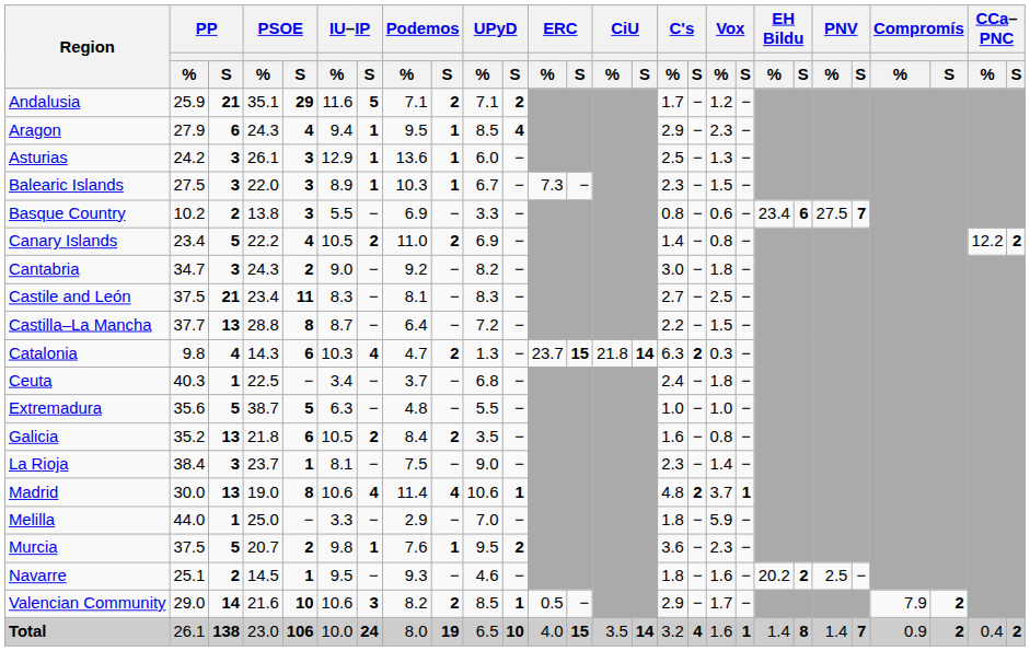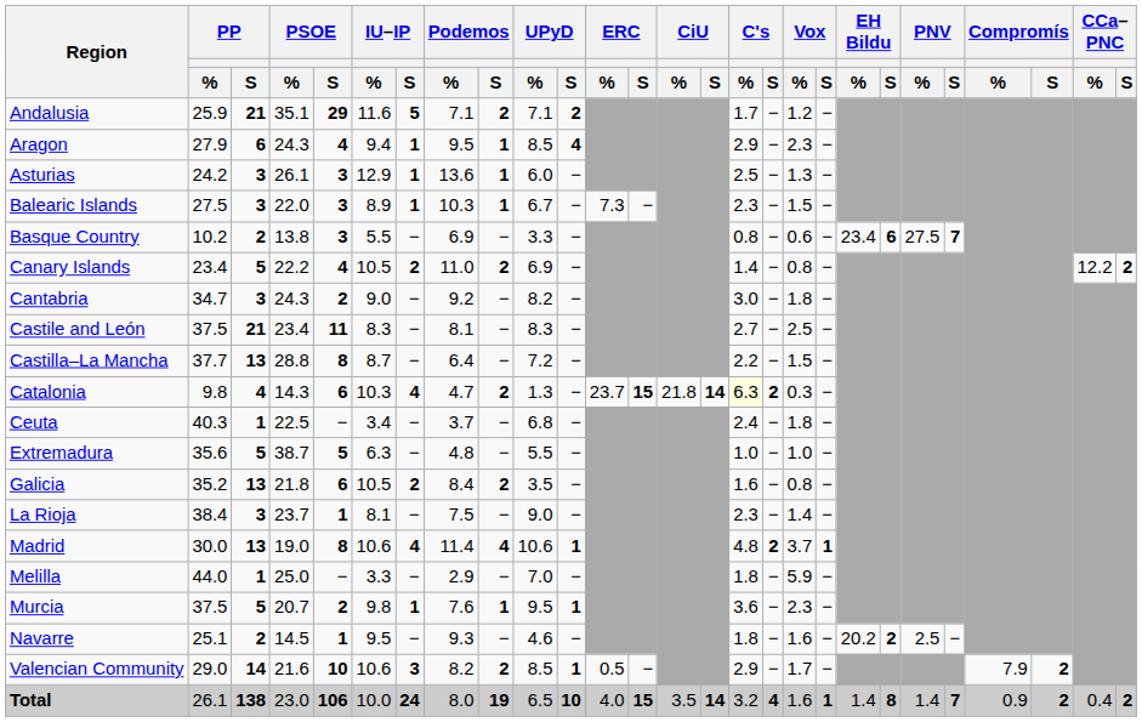 <table class="wikitable sortable" style="text-align:right; line-height:20px">
 <tr>
 <th rowspan="3">Region</th>
 <th colspan="2" width="30px" class="unsortable"><a href='#'>PP</a></th>
 <th colspan="2" width="30px" class="unsortable"><a href='#'>PSOE</a></th>
 <th colspan="2" width="30px" class="unsortable"><a href='#'>IU</a>–<a href='#'>IP</a></th>
 <th colspan="2" width="30px" class="unsortable"><a href='#'>Podemos</a></th>
 <th colspan="2" width="30px" class="unsortable"><a href='#'>UPyD</a></th>
 <th colspan="2" width="30px" class="unsortable"><a href='#'>ERC</a></th>
 <th colspan="2" width="30px" class="unsortable"><a href='#'>CiU</a></th>
 <th colspan="2" width="30px" class="unsortable"><a href='#'>C's</a></th>
 <th colspan="2" width="30px" class="unsortable"><a href='#'>Vox</a></th>
 <th colspan="2" width="30px" class="unsortable"><a href='#'>EH Bildu</a></th>
 <th colspan="2" width="30px" class="unsortable"><a href='#'>PNV</a></th>
 <th colspan="2" width="30px" class="unsortable"><a href='#'>Compromís</a></th>
 <th colspan="2" width="30px" class="unsortable"><a href='#'>CCa</a>–<a href='#'>PNC</a></th>
 </tr>
 <tr>
 <th colspan="2" style="background:"></th>
 <th colspan="2" style="background:"></th>
 <th colspan="2" style="background:"></th>
 <th colspan="2" style="background:"></th>
 <th colspan="2" style="background:"></th>
 <th colspan="2" style="background:"></th>
 <th colspan="2" style="background:"></th>
 <th colspan="2" style="background:"></th>
 <th colspan="2" style="background:"></th>
 <th colspan="2" style="background:"></th>
 <th colspan="2" style="background:"></th>
 <th colspan="2" style="background:"></th>
 <th colspan="2" style="background:"></th>
 </tr>
 <tr>
 <th data-sort-type="number">%</th>
 <th data-sort-type="number">S</th>
 <th data-sort-type="number">%</th>
 <th data-sort-type="number">S</th>
 <th data-sort-type="number">%</th>
 <th data-sort-type="number">S</th>
 <th data-sort-type="number">%</th>
 <th data-sort-type="number">S</th>
 <th data-sort-type="number">%</th>
 <th data-sort-type="number">S</th>
 <th data-sort-type="number">%</th>
 <th data-sort-type="number">S</th>
 <th data-sort-type="number">%</th>
 <th data-sort-type="number">S</th>
 <th data-sort-type="number">%</th>
 <th data-sort-type="number">S</th>
 <th data-sort-type="number">%</th>
 <th data-sort-type="number">S</th>
 <th data-sort-type="number">%</th>
 <th data-sort-type="number">S</th>
 <th data-sort-type="number">%</th>
 <th data-sort-type="number">S</th>
 <th data-sort-type="number">%</th>
 <th data-sort-type="number">S</th>
 <th data-sort-type="number">%</th>
 <th data-sort-type="number">S</th>
 </tr>
 <tr>
 <td align="left"><a href='#'>Andalusia</a></td>
 <td>25.9</td>
 <td><strong>21</strong></td>
 <td style="background:">35.1</td>
 <td><strong>29</strong></td>
 <td>11.6</td>
 <td><strong>5</strong></td>
 <td>7.1</td>
 <td><strong>2</strong></td>
 <td>7.1</td>
 <td><strong>2</strong></td>
 <td colspan="2" rowspan="3" bgcolor="#AAAAAA"></td>
 <td colspan="2" rowspan="9" bgcolor="#AAAAAA"></td>
 <td>1.7</td>
 <td>−</td>
 <td>1.2</td>
 <td>−</td>
 <td colspan="2" rowspan="4" bgcolor="#AAAAAA"></td>
 <td colspan="2" rowspan="4" bgcolor="#AAAAAA"></td>
 <td colspan="2" rowspan="18" bgcolor="#AAAAAA"></td>
 <td colspan="2" rowspan="5" bgcolor="#AAAAAA"></td>
 </tr>
 <tr>
 <td align="left"><a href='#'>Aragon</a></td>
 <td style="background:">27.9</td>
 <td><strong>6</strong></td>
 <td>24.3</td>
 <td><strong>4</strong></td>
 <td>9.4</td>
 <td><strong>1</strong></td>
 <td>9.5</td>
 <td><strong>1</strong></td>
 <td>8.5</td>
 <td><strong>4</strong></td>
 <td>2.9</td>
 <td>−</td>
 <td>2.3</td>
 <td>−</td>
 </tr>
 <tr>
 <td align="left"><a href='#'>Asturias</a></td>
 <td>24.2</td>
 <td><strong>3</strong></td>
 <td style="background:">26.1</td>
 <td><strong>3</strong></td>
 <td>12.9</td>
 <td><strong>1</strong></td>
 <td>13.6</td>
 <td><strong>1</strong></td>
 <td>6.0</td>
 <td>−</td>
 <td>2.5</td>
 <td>−</td>
 <td>1.3</td>
 <td>−</td>
 </tr>
 <tr>
 <td align="left"><a href='#'>Balearic Islands</a></td>
 <td style="background:">27.5</td>
 <td><strong>3</strong></td>
 <td>22.0</td>
 <td><strong>3</strong></td>
 <td>8.9</td>
 <td><strong>1</strong></td>
 <td>10.3</td>
 <td><strong>1</strong></td>
 <td>6.7</td>
 <td>−</td>
 <td>7.3</td>
 <td>−</td>
 <td>2.3</td>
 <td>−</td>
 <td>1.5</td>
 <td>−</td>
 </tr>
 <tr>
 <td align="left"><a href='#'>Basque Country</a></td>
 <td>10.2</td>
 <td><strong>2</strong></td>
 <td>13.8</td>
 <td><strong>3</strong></td>
 <td>5.5</td>
 <td>−</td>
 <td>6.9</td>
 <td>−</td>
 <td>3.3</td>
 <td>−</td>
 <td colspan="2" rowspan="5" bgcolor="#AAAAAA"></td>
 <td>0.8</td>
 <td>−</td>
 <td>0.6</td>
 <td>−</td>
 <td>23.4</td>
 <td><strong>6</strong></td>
 <td style="background:">27.5</td>
 <td><strong>7</strong></td>
 </tr>
 <tr>
 <td align="left"><a href='#'>Canary Islands</a></td>
 <td style="background:">23.4</td>
 <td><strong>5</strong></td>
 <td>22.2</td>
 <td><strong>4</strong></td>
 <td>10.5</td>
 <td><strong>2</strong></td>
 <td>11.0</td>
 <td><strong>2</strong></td>
 <td>6.9</td>
 <td>−</td>
 <td>1.4</td>
 <td>−</td>
 <td>0.8</td>
 <td>−</td>
 <td colspan="2" rowspan="12" bgcolor="#AAAAAA"></td>
 <td colspan="2" rowspan="12" bgcolor="#AAAAAA"></td>
 <td>12.2</td>
 <td><strong>2</strong></td>
 </tr>
 <tr>
 <td align="left"><a href='#'>Cantabria</a></td>
 <td style="background:">34.7</td>
 <td><strong>3</strong></td>
 <td>24.3</td>
 <td><strong>2</strong></td>
 <td>9.0</td>
 <td>−</td>
 <td>9.2</td>
 <td>−</td>
 <td>8.2</td>
 <td>−</td>
 <td>3.0</td>
 <td>−</td>
 <td>1.8</td>
 <td>−</td>
 <td colspan="2" rowspan="13" bgcolor="#AAAAAA"></td>
 </tr>
 <tr>
 <td align="left"><a href='#'>Castile and León</a></td>
 <td style="background:">37.5</td>
 <td><strong>21</strong></td>
 <td>23.4</td>
 <td><strong>11</strong></td>
 <td>8.3</td>
 <td>−</td>
 <td>8.1</td>
 <td>−</td>
 <td>8.3</td>
 <td>−</td>
 <td>2.7</td>
 <td>−</td>
 <td>2.5</td>
 <td>−</td>
 </tr>
 <tr>
 <td align="left"><a href='#'>Castilla–La Mancha</a></td>
 <td style="background:">37.7</td>
 <td><strong>13</strong></td>
 <td>28.8</td>
 <td><strong>8</strong></td>
 <td>8.7</td>
 <td>−</td>
 <td>6.4</td>
 <td>−</td>
 <td>7.2</td>
 <td>−</td>
 <td>2.2</td>
 <td>−</td>
 <td>1.5</td>
 <td>−</td>
 </tr>
 <tr>
 <td align="left"><a href='#'>Catalonia</a></td>
 <td>9.8</td>
 <td><strong>4</strong></td>
 <td>14.3</td>
 <td><strong>6</strong></td>
 <td>10.3</td>
 <td><strong>4</strong></td>
 <td>4.7</td>
 <td><strong>2</strong></td>
 <td>1.3</td>
 <td>−</td>
 <td style="background:">23.7</td>
 <td><strong>15</strong></td>
 <td>21.8</td>
 <td><strong>14</strong></td>
-<td>6.3</td>
+<td style="background: lightyellow;">6.3</td>
 <td><strong>2</strong></td>
 <td>0.3</td>
 <td>−</td>
 </tr>
 <tr>
 <td align="left"><a href='#'>Ceuta</a></td>
 <td style="background:">40.3</td>
 <td><strong>1</strong></td>
 <td>22.5</td>
 <td>−</td>
 <td>3.4</td>
 <td>−</td>
 <td>3.7</td>
 <td>−</td>
 <td>6.8</td>
 <td>−</td>
 <td colspan="2" rowspan="8" bgcolor="#AAAAAA"></td>
 <td colspan="2" rowspan="9" bgcolor="#AAAAAA"></td>
 <td>2.4</td>
 <td>−</td>
 <td>1.8</td>
 <td>−</td>
 </tr>
 <tr>
 <td align="left"><a href='#'>Extremadura</a></td>
 <td>35.6</td>
 <td><strong>5</strong></td>
 <td style="background:">38.7</td>
 <td><strong>5</strong></td>
 <td>6.3</td>
 <td>−</td>
 <td>4.8</td>
 <td>−</td>
 <td>5.5</td>
 <td>−</td>
 <td>1.0</td>
 <td>−</td>
 <td>1.0</td>
 <td>−</td>
 </tr>
 <tr>
 <td align="left"><a href='#'>Galicia</a></td>
 <td style="background:">35.2</td>
 <td><strong>13</strong></td>
 <td>21.8</td>
 <td><strong>6</strong></td>
 <td>10.5</td>
 <td><strong>2</strong></td>
 <td>8.4</td>
 <td><strong>2</strong></td>
 <td>3.5</td>
 <td>−</td>
 <td>1.6</td>
 <td>−</td>
 <td>0.8</td>
 <td>−</td>
 </tr>
 <tr>
 <td align="left"><a href='#'>La Rioja</a></td>
 <td style="background:">38.4</td>
 <td><strong>3</strong></td>
 <td>23.7</td>
 <td><strong>1</strong></td>
 <td>8.1</td>
 <td>−</td>
 <td>7.5</td>
 <td>−</td>
 <td>9.0</td>
 <td>−</td>
 <td>2.3</td>
 <td>−</td>
 <td>1.4</td>
 <td>−</td>
 </tr>
 <tr>
 <td align="left"><a href='#'>Madrid</a></td>
 <td style="background:">30.0</td>
 <td><strong>13</strong></td>
 <td>19.0</td>
 <td><strong>8</strong></td>
 <td>10.6</td>
 <td><strong>4</strong></td>
 <td>11.4</td>
 <td><strong>4</strong></td>
 <td>10.6</td>
 <td><strong>1</strong></td>
 <td>4.8</td>
 <td><strong>2</strong></td>
 <td>3.7</td>
 <td><strong>1</strong></td>
 </tr>
 <tr>
 <td align="left"><a href='#'>Melilla</a></td>
 <td style="background:">44.0</td>
 <td><strong>1</strong></td>
 <td>25.0</td>
 <td>−</td>
 <td>3.3</td>
 <td>−</td>
 <td>2.9</td>
 <td>−</td>
 <td>7.0</td>
 <td>−</td>
 <td>1.8</td>
 <td>−</td>
 <td>5.9</td>
 <td>−</td>
 </tr>
 <tr>
 <td align="left"><a href='#'>Murcia</a></td>
 <td style="background:">37.5</td>
 <td><strong>5</strong></td>
 <td>20.7</td>
 <td><strong>2</strong></td>
 <td>9.8</td>
 <td><strong>1</strong></td>
 <td>7.6</td>
 <td><strong>1</strong></td>
 <td>9.5</td>
-<td><strong>2</strong></td>
+<td><strong>1</strong></td>
 <td>3.6</td>
 <td>−</td>
 <td>2.3</td>
 <td>−</td>
 </tr>
 <tr>
 <td align="left"><a href='#'>Navarre</a></td>
 <td style="background:">25.1</td>
 <td><strong>2</strong></td>
 <td>14.5</td>
 <td><strong>1</strong></td>
 <td>9.5</td>
 <td>−</td>
 <td>9.3</td>
 <td>−</td>
 <td>4.6</td>
 <td>−</td>
 <td>1.8</td>
 <td>−</td>
 <td>1.6</td>
 <td>−</td>
 <td>20.2</td>
 <td><strong>2</strong></td>
 <td>2.5</td>
 <td>−</td>
 </tr>
 <tr>
 <td align="left"><a href='#'>Valencian Community</a></td>
 <td style="background:">29.0</td>
 <td><strong>14</strong></td>
 <td>21.6</td>
 <td><strong>10</strong></td>
 <td>10.6</td>
 <td><strong>3</strong></td>
 <td>8.2</td>
 <td><strong>2</strong></td>
 <td>8.5</td>
 <td><strong>1</strong></td>
 <td>0.5</td>
 <td>−</td>
 <td>2.9</td>
 <td>−</td>
 <td>1.7</td>
 <td>−</td>
 <td colspan="2" bgcolor="#AAAAAA"></td>
 <td colspan="2" bgcolor="#AAAAAA"></td>
 <td>7.9</td>
 <td><strong>2</strong></td>
 </tr>
 <tr style="background:#CDCDCD;">
 <td align="left"><strong>Total</strong></td>
 <td style="background:">26.1</td>
 <td><strong>138</strong></td>
 <td>23.0</td>
 <td><strong>106</strong></td>
 <td>10.0</td>
 <td><strong>24</strong></td>
 <td>8.0</td>
 <td><strong>19</strong></td>
 <td>6.5</td>
 <td><strong>10</strong></td>
 <td>4.0</td>
 <td><strong>15</strong></td>
 <td>3.5</td>
 <td><strong>14</strong></td>
 <td>3.2</td>
 <td><strong>4</strong></td>
 <td>1.6</td>
 <td><strong>1</strong></td>
 <td>1.4</td>
 <td><strong>8</strong></td>
 <td>1.4</td>
 <td><strong>7</strong></td>
 <td>0.9</td>
 <td><strong>2</strong></td>
 <td>0.4</td>
 <td><strong>2</strong></td>
 </tr>
 </table>
